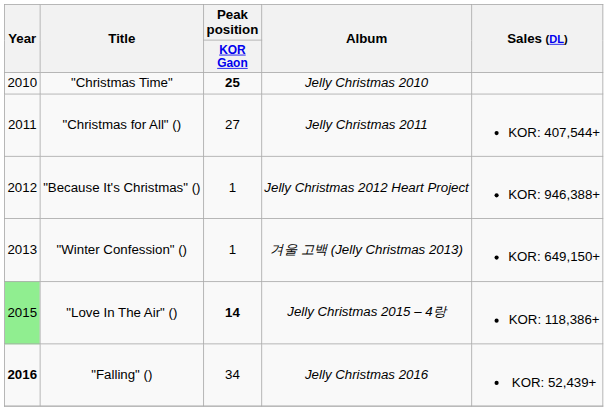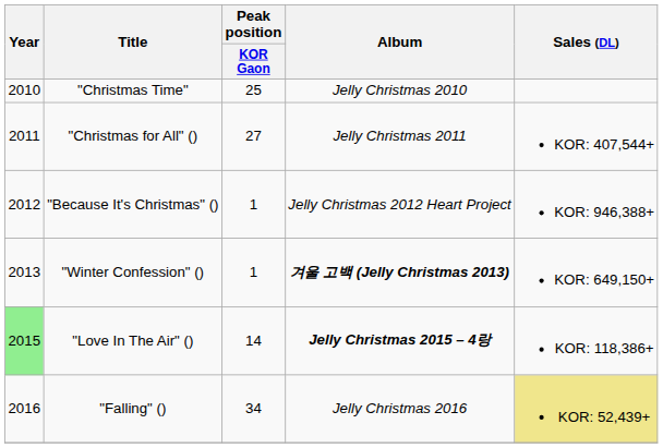 <table class="wikitable" style="text-align:center;">
 <tr>
 <th scope="col" rowspan="2">Year</th>
 <th scope="col" rowspan="2">Title</th>
 <th scope="col" colspan="1">Peak<br>position</th>
 <th scope="col" rowspan="2">Album</th>
 <th scope="col" rowspan=2>Sales <small>(<a href='#'>DL</a>)</small></th>
 </tr>
 <tr>
 <th style="width:3em;font-size:90%"><a href='#'>KOR<br>Gaon</a><br></th>
 </tr>
 <tr>
 <td>2010</td>
 <td>"Christmas Time"</td>
-<td><strong>25</strong></td>
+<td>25</td>
 <td><em>Jelly Christmas 2010</em></td>
 <td></td>
 </tr>
 <tr>
 <td>2011</td>
 <td>"Christmas for All" ()</td>
 <td>27</td>
 <td><em>Jelly Christmas 2011</em></td>
 <td><br><ul><li>KOR: 407,544+</li></ul></td>
 </tr>
 <tr>
 <td>2012</td>
 <td>"Because It's Christmas" ()</td>
 <td>1</td>
 <td><em>Jelly Christmas 2012 Heart Project</em></td>
 <td><br><ul><li>KOR: 946,388+</li></ul></td>
 </tr>
 <tr>
 <td>2013</td>
 <td>"Winter Confession" ()</td>
 <td>1</td>
-<td><em>겨울 고백 (Jelly Christmas 2013)</em></td>
+<td><strong><em>겨울 고백 (Jelly Christmas 2013)</em></strong></td>
 <td><br><ul><li>KOR: 649,150+</li></ul></td>
 </tr>
 <tr>
 <td style="background: lightgreen;">2015</td>
 <td>"Love In The Air" ()</td>
-<td><strong>14</strong></td>
-<td><em>Jelly Christmas 2015 – 4랑</em></td>
+<td>14</td>
+<td><strong><em>Jelly Christmas 2015 – 4랑</em></strong></td>
 <td><br><ul><li>KOR: 118,386+</li></ul></td>
 </tr>
 <tr>
-<td><strong>2016</strong></td>
+<td>2016</td>
 <td>"Falling" ()</td>
 <td>34</td>
 <td><em>Jelly Christmas 2016</em></td>
-<td><br><ul><li>KOR: 52,439+</li></ul></td>
+<td style="background: khaki;"><br><ul><li>KOR: 52,439+</li></ul></td>
 </tr>
 <tr>
 </tr>
 </table>
